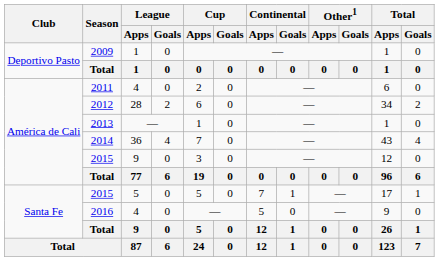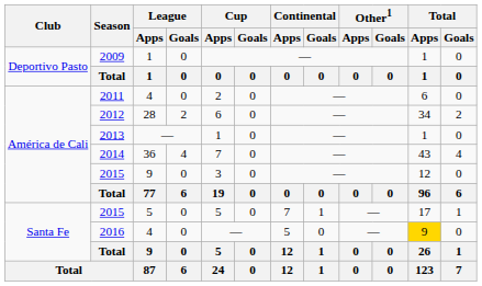 <table class="wikitable" style="text-align: center">
 <tr>
 <th rowspan=2>Club</th>
 <th rowspan=2>Season</th>
 <th colspan=2>League</th>
 <th colspan=2>Cup</th>
 <th colspan=2>Continental</th>
 <th colspan=2>Other<sup>1</sup></th>
 <th colspan=2>Total</th>
 </tr>
 <tr>
 <th>Apps</th>
 <th>Goals</th>
 <th>Apps</th>
 <th>Goals</th>
 <th>Apps</th>
 <th>Goals</th>
 <th>Apps</th>
 <th>Goals</th>
 <th>Apps</th>
 <th>Goals</th>
 </tr>
 <tr>
 <td rowspan=2><a href='#'>Deportivo Pasto</a></td>
 <td><a href='#'>2009</a></td>
 <td>1</td>
 <td>0</td>
 <td colspan="6">—</td>
 <td>1</td>
 <td>0</td>
 </tr>
 <tr>
 <th>Total</th>
 <th>1</th>
 <th>0</th>
 <th>0</th>
 <th>0</th>
 <th>0</th>
 <th>0</th>
 <th>0</th>
 <th>0</th>
 <th>1</th>
 <th>0</th>
 </tr>
 <tr>
 <td rowspan=6><a href='#'>América de Cali</a></td>
 <td><a href='#'>2011</a></td>
 <td>4</td>
 <td>0</td>
 <td>2</td>
 <td>0</td>
 <td colspan="4">—</td>
 <td>6</td>
 <td>0</td>
 </tr>
 <tr>
 <td><a href='#'>2012</a></td>
 <td>28</td>
 <td>2</td>
 <td>6</td>
 <td>0</td>
 <td colspan="4">—</td>
 <td>34</td>
 <td>2</td>
 </tr>
 <tr>
 <td><a href='#'>2013</a></td>
 <td colspan="2">—</td>
 <td>1</td>
 <td>0</td>
 <td colspan="4">—</td>
 <td>1</td>
 <td>0</td>
 </tr>
 <tr>
 <td><a href='#'>2014</a></td>
 <td>36</td>
 <td>4</td>
 <td>7</td>
 <td>0</td>
 <td colspan="4">—</td>
 <td>43</td>
 <td>4</td>
 </tr>
 <tr>
 <td><a href='#'>2015</a></td>
 <td>9</td>
 <td>0</td>
 <td>3</td>
 <td>0</td>
 <td colspan="4">—</td>
 <td>12</td>
 <td>0</td>
 </tr>
 <tr>
 <th>Total</th>
 <th>77</th>
 <th>6</th>
 <th>19</th>
 <th>0</th>
 <th>0</th>
 <th>0</th>
 <th>0</th>
 <th>0</th>
 <th>96</th>
 <th>6</th>
 </tr>
 <tr>
 <td rowspan=3><a href='#'>Santa Fe</a></td>
 <td><a href='#'>2015</a></td>
 <td>5</td>
 <td>0</td>
 <td>5</td>
 <td>0</td>
 <td>7</td>
 <td>1</td>
 <td colspan="2">—</td>
 <td>17</td>
 <td>1</td>
 </tr>
 <tr>
 <td><a href='#'>2016</a></td>
 <td>4</td>
 <td>0</td>
 <td colspan="2">—</td>
 <td>5</td>
 <td>0</td>
 <td colspan="2">—</td>
-<td>9</td>
+<td style="background: gold;">9</td>
 <td>0</td>
 </tr>
 <tr>
 <th>Total</th>
 <th>9</th>
 <th>0</th>
 <th>5</th>
 <th>0</th>
 <th>12</th>
 <th>1</th>
 <th>0</th>
 <th>0</th>
 <th>26</th>
 <th>1</th>
 </tr>
 <tr>
 <th colspan=2>Total</th>
 <th>87</th>
 <th>6</th>
 <th>24</th>
 <th>0</th>
 <th>12</th>
 <th>1</th>
 <th>0</th>
 <th>0</th>
 <th>123</th>
 <th>7</th>
 </tr>
 </table>
